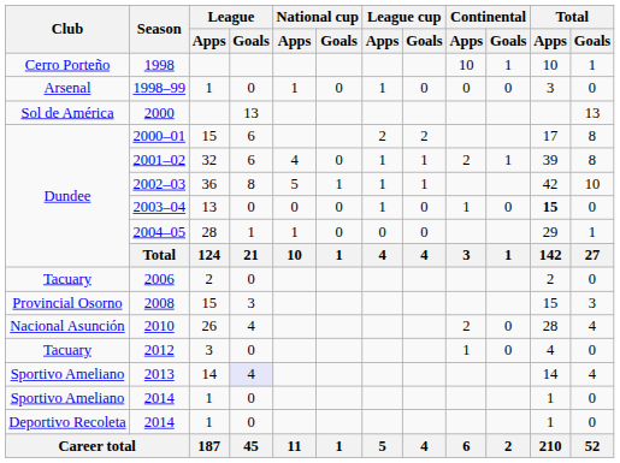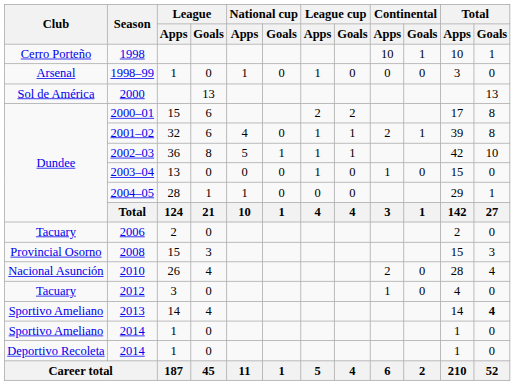 <table class="wikitable" style="text-align:center">
 <tr>
 <th rowspan="2">Club</th>
 <th rowspan="2">Season</th>
 <th colspan="2">League</th>
 <th colspan="2">National cup</th>
 <th colspan="2">League cup</th>
 <th colspan="2">Continental</th>
 <th colspan="2">Total</th>
 </tr>
 <tr>
 <th>Apps</th>
 <th>Goals</th>
 <th>Apps</th>
 <th>Goals</th>
 <th>Apps</th>
 <th>Goals</th>
 <th>Apps</th>
 <th>Goals</th>
 <th>Apps</th>
 <th>Goals</th>
 </tr>
 <tr>
 <td><a href='#'>Cerro Porteño</a></td>
 <td><a href='#'>1998</a></td>
 <td></td>
 <td></td>
 <td></td>
 <td></td>
 <td></td>
 <td></td>
 <td>10</td>
 <td>1</td>
 <td>10</td>
 <td>1</td>
 </tr>
 <tr>
 <td><a href='#'>Arsenal</a></td>
 <td><a href='#'>1998–99</a></td>
 <td>1</td>
 <td>0</td>
 <td>1</td>
 <td>0</td>
 <td>1</td>
 <td>0</td>
 <td>0</td>
 <td>0</td>
 <td>3</td>
 <td>0</td>
 </tr>
 <tr>
 <td><a href='#'>Sol de América</a></td>
 <td><a href='#'>2000</a></td>
 <td></td>
 <td>13</td>
 <td></td>
 <td></td>
 <td></td>
 <td></td>
 <td></td>
 <td></td>
 <td></td>
 <td>13</td>
 </tr>
 <tr>
 <td rowspan="6"><a href='#'>Dundee</a></td>
 <td><a href='#'>2000–01</a></td>
 <td>15</td>
 <td>6</td>
 <td></td>
 <td></td>
 <td>2</td>
 <td>2</td>
 <td></td>
 <td></td>
 <td>17</td>
 <td>8</td>
 </tr>
 <tr>
 <td><a href='#'>2001–02</a></td>
 <td>32</td>
 <td>6</td>
 <td>4</td>
 <td>0</td>
 <td>1</td>
 <td>1</td>
 <td>2</td>
 <td>1</td>
 <td>39</td>
 <td>8</td>
 </tr>
 <tr>
 <td><a href='#'>2002–03</a></td>
 <td>36</td>
 <td>8</td>
 <td>5</td>
 <td>1</td>
 <td>1</td>
 <td>1</td>
 <td></td>
 <td></td>
 <td>42</td>
 <td>10</td>
 </tr>
 <tr>
 <td><a href='#'>2003–04</a></td>
 <td>13</td>
 <td>0</td>
 <td>0</td>
 <td>0</td>
 <td>1</td>
 <td>0</td>
 <td>1</td>
 <td>0</td>
-<td><strong>15</strong></td>
+<td>15</td>
 <td>0</td>
 </tr>
 <tr>
 <td><a href='#'>2004–05</a></td>
 <td>28</td>
 <td>1</td>
 <td>1</td>
 <td>0</td>
 <td>0</td>
 <td>0</td>
 <td></td>
 <td></td>
 <td>29</td>
 <td>1</td>
 </tr>
 <tr>
 <th colspan="1">Total</th>
 <th>124</th>
 <th>21</th>
 <th>10</th>
 <th>1</th>
 <th>4</th>
 <th>4</th>
 <th>3</th>
 <th>1</th>
 <th>142</th>
 <th>27</th>
 </tr>
 <tr>
 <td><a href='#'>Tacuary</a></td>
 <td><a href='#'>2006</a></td>
 <td>2</td>
 <td>0</td>
 <td></td>
 <td></td>
 <td></td>
 <td></td>
 <td></td>
 <td></td>
 <td>2</td>
 <td>0</td>
 </tr>
 <tr>
 <td><a href='#'>Provincial Osorno</a></td>
 <td><a href='#'>2008</a></td>
 <td>15</td>
 <td>3</td>
 <td></td>
 <td></td>
 <td></td>
 <td></td>
 <td></td>
 <td></td>
 <td>15</td>
 <td>3</td>
 </tr>
 <tr>
 <td><a href='#'>Nacional Asunción</a></td>
 <td><a href='#'>2010</a></td>
 <td>26</td>
 <td>4</td>
 <td></td>
 <td></td>
 <td></td>
 <td></td>
 <td>2</td>
 <td>0</td>
 <td>28</td>
 <td>4</td>
 </tr>
 <tr>
 <td><a href='#'>Tacuary</a></td>
 <td><a href='#'>2012</a></td>
 <td>3</td>
 <td>0</td>
 <td></td>
 <td></td>
 <td></td>
 <td></td>
 <td>1</td>
 <td>0</td>
 <td>4</td>
 <td>0</td>
 </tr>
 <tr>
 <td><a href='#'>Sportivo Ameliano</a></td>
 <td><a href='#'>2013</a></td>
 <td>14</td>
-<td style="background: lavender;">4</td>
+<td>4</td>
 <td></td>
 <td></td>
 <td></td>
 <td></td>
 <td></td>
 <td></td>
 <td>14</td>
-<td>4</td>
+<td><strong>4</strong></td>
 </tr>
 <tr>
 <td><a href='#'>Sportivo Ameliano</a></td>
 <td><a href='#'>2014</a></td>
 <td>1</td>
 <td>0</td>
 <td></td>
 <td></td>
 <td></td>
 <td></td>
 <td></td>
 <td></td>
 <td>1</td>
 <td>0</td>
 </tr>
 <tr>
 <td><a href='#'>Deportivo Recoleta</a></td>
 <td><a href='#'>2014</a></td>
 <td>1</td>
 <td>0</td>
 <td></td>
 <td></td>
 <td></td>
 <td></td>
 <td></td>
 <td></td>
 <td>1</td>
 <td>0</td>
 </tr>
 <tr>
 <th colspan="2">Career total</th>
 <th>187</th>
 <th>45</th>
 <th>11</th>
 <th>1</th>
 <th>5</th>
 <th>4</th>
 <th>6</th>
 <th>2</th>
 <th>210</th>
 <th>52</th>
 </tr>
 </table>
